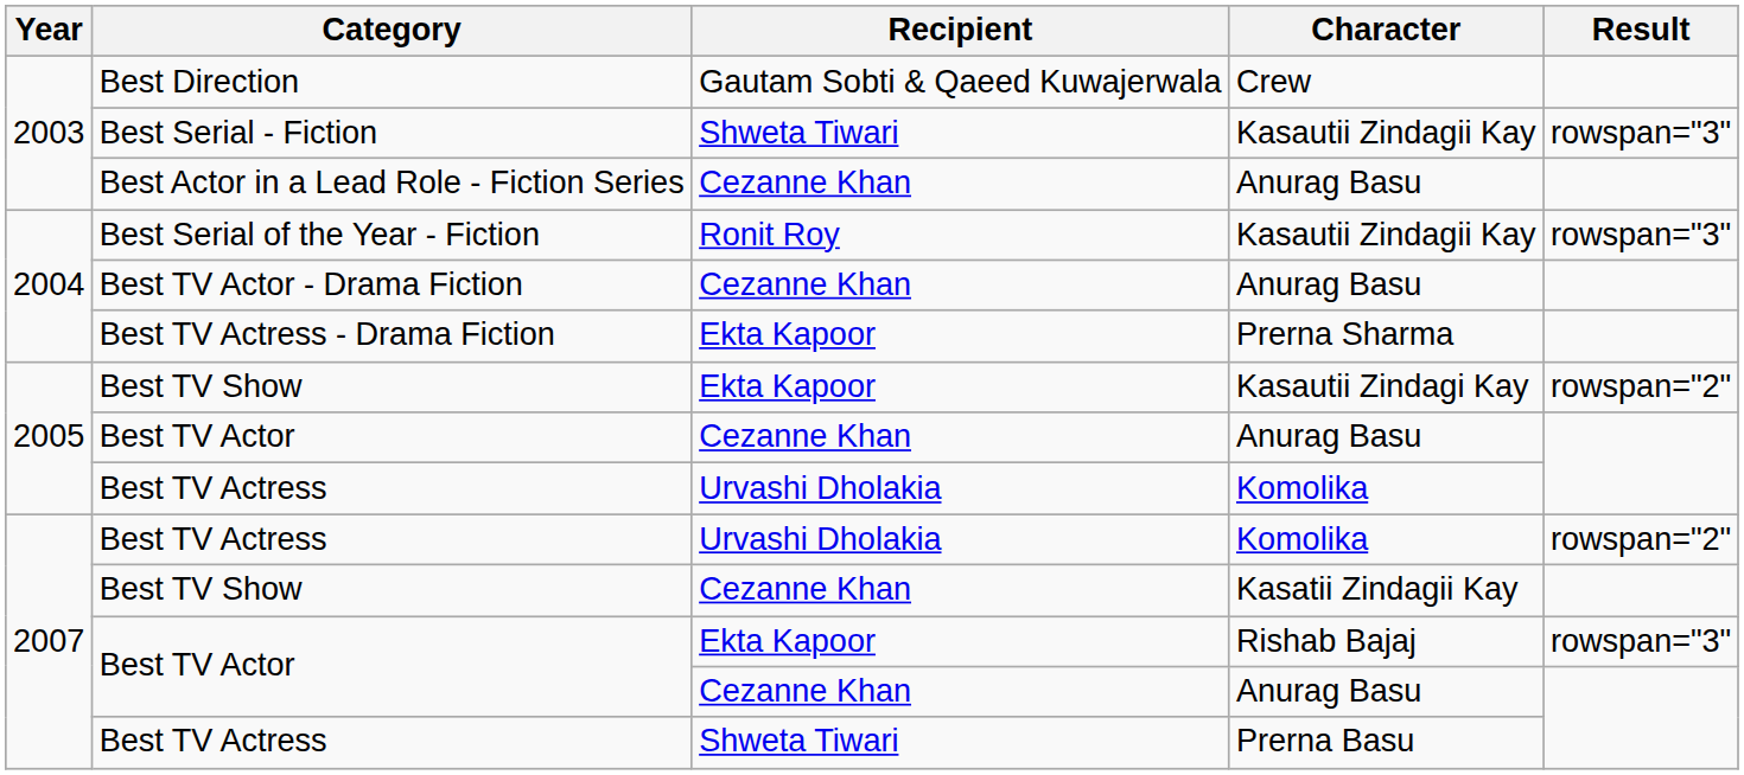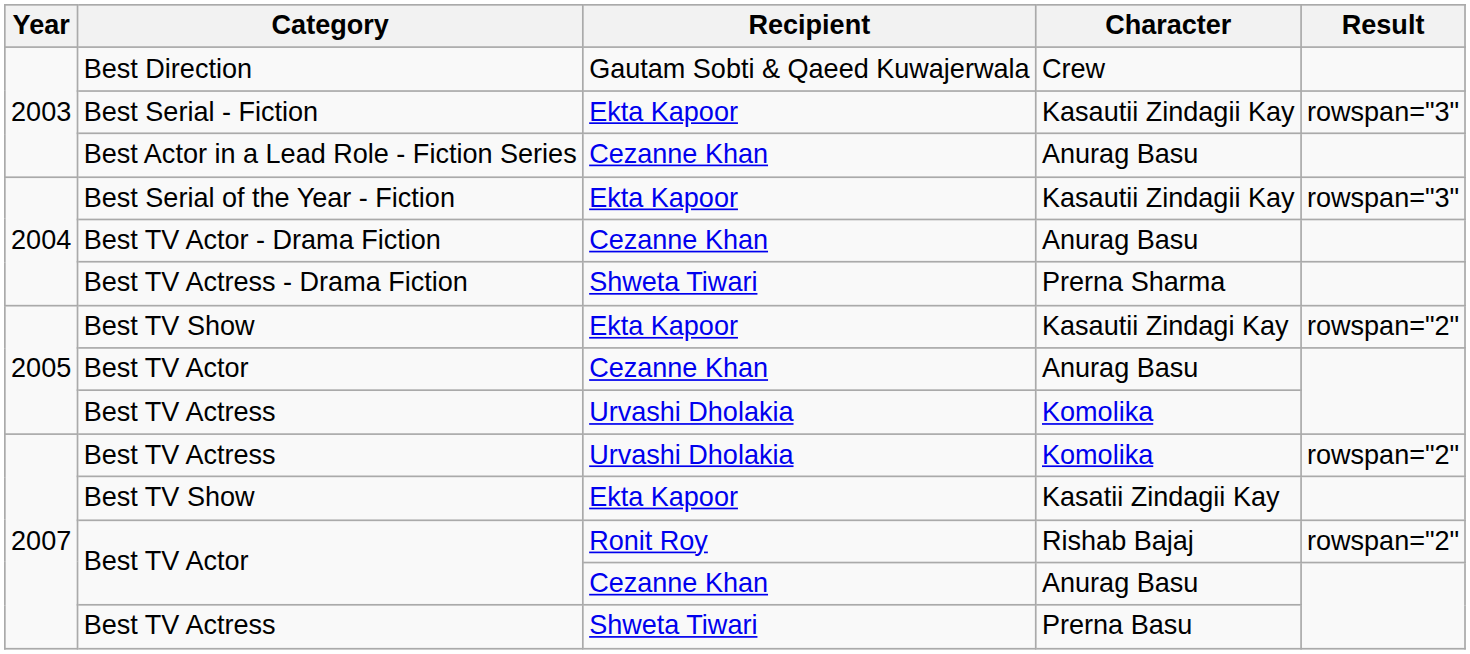 <table class="wikitable sortable">
 <tr>
 <th>Year</th>
 <th>Category</th>
 <th>Recipient</th>
 <th>Character</th>
 <th>Result</th>
 </tr>
 <tr>
 <td rowspan="3">2003</td>
 <td>Best Direction</td>
 <td>Gautam Sobti & Qaeed Kuwajerwala</td>
 <td>Crew</td>
 <td> </td>
 </tr>
 <tr>
 <td>Best Serial - Fiction</td>
-<td><a href='#'>Shweta Tiwari</a></td>
+<td><a href='#'>Ekta Kapoor</a></td>
 <td>Kasautii Zindagii Kay</td>
 <td>rowspan="3" </td>
 </tr>
 <tr>
 <td>Best Actor in a Lead Role - Fiction Series</td>
 <td><a href='#'>Cezanne Khan</a></td>
 <td>Anurag Basu</td>
 </tr>
 <tr>
 <td rowspan="3">2004</td>
 <td>Best Serial of the Year - Fiction</td>
-<td><a href='#'>Ronit Roy</a></td>
+<td><a href='#'>Ekta Kapoor</a></td>
 <td>Kasautii Zindagii Kay</td>
 <td>rowspan="3" </td>
 </tr>
 <tr>
 <td>Best TV Actor - Drama Fiction</td>
 <td><a href='#'>Cezanne Khan</a></td>
 <td>Anurag Basu</td>
 </tr>
 <tr>
 <td>Best TV Actress - Drama Fiction</td>
-<td><a href='#'>Ekta Kapoor</a></td>
+<td><a href='#'>Shweta Tiwari</a></td>
 <td>Prerna Sharma</td>
 <td></td>
 </tr>
 <tr>
 <td rowspan="3">2005</td>
 <td>Best TV Show</td>
 <td><a href='#'>Ekta Kapoor</a></td>
 <td>Kasautii Zindagi Kay</td>
 <td>rowspan="2" </td>
 </tr>
 <tr>
 <td>Best TV Actor</td>
 <td><a href='#'>Cezanne Khan</a></td>
 <td>Anurag Basu</td>
 </tr>
 <tr>
 <td>Best TV Actress</td>
 <td><a href='#'>Urvashi Dholakia</a></td>
 <td><a href='#'>Komolika</a></td>
 </tr>
 <tr>
 <td rowspan="5">2007</td>
 <td>Best TV Actress</td>
 <td><a href='#'>Urvashi Dholakia</a></td>
 <td><a href='#'>Komolika</a></td>
 <td>rowspan="2"  </td>
 </tr>
 <tr>
 <td>Best TV Show</td>
-<td><a href='#'>Cezanne Khan</a></td>
+<td><a href='#'>Ekta Kapoor</a></td>
 <td>Kasatii Zindagii Kay</td>
 </tr>
 <tr>
 <td rowspan="2">Best TV Actor</td>
-<td><a href='#'>Ekta Kapoor</a></td>
+<td><a href='#'>Ronit Roy</a></td>
 <td>Rishab Bajaj</td>
-<td>rowspan="3" </td>
+<td>rowspan="2"  </td>
 </tr>
 <tr>
 <td><a href='#'>Cezanne Khan</a></td>
 <td>Anurag Basu</td>
 </tr>
 <tr>
 <td>Best TV Actress</td>
 <td><a href='#'>Shweta Tiwari</a></td>
 <td>Prerna Basu</td>
 </tr>
 </table>
